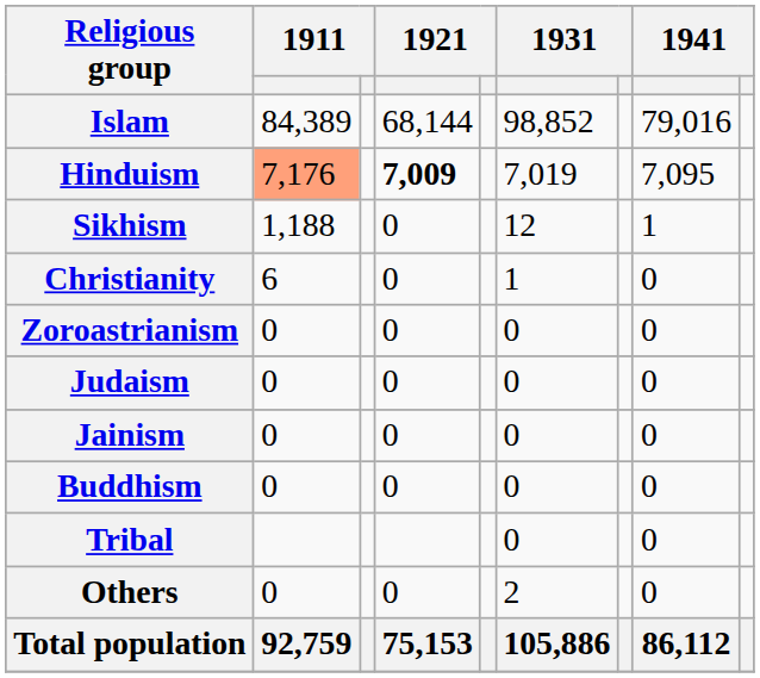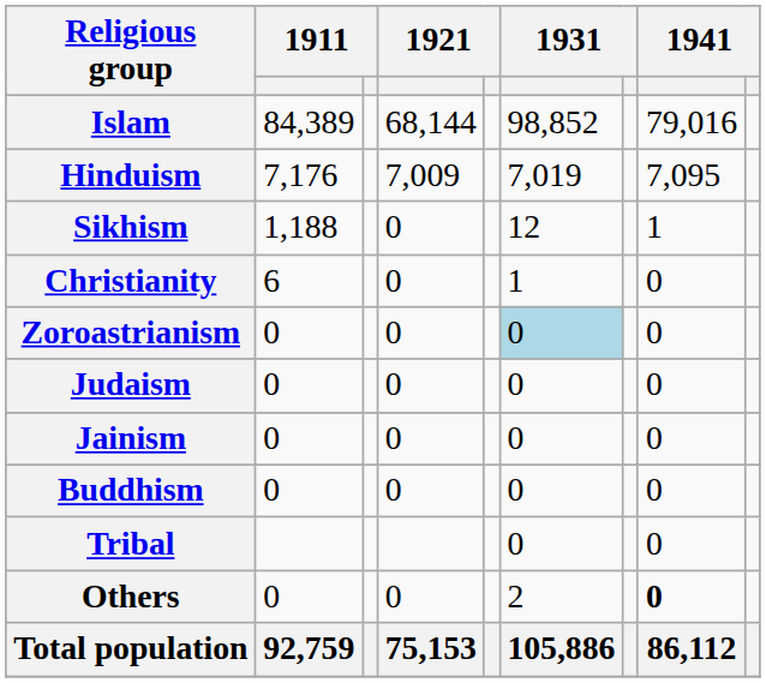 <table class="wikitable sortable">
 <tr>
 <th rowspan="2"><a href='#'>Religious</a><br>group</th>
 <th colspan="2">1911</th>
 <th colspan="2">1921</th>
 <th colspan="2">1931</th>
 <th colspan="2">1941</th>
 </tr>
 <tr>
 <th><a href='#'></a></th>
 <th></th>
 <th></th>
 <th></th>
 <th></th>
 <th></th>
 <th></th>
 <th></th>
 </tr>
 <tr>
 <th><a href='#'>Islam</a> </th>
 <td>84,389</td>
 <td></td>
 <td>68,144</td>
 <td></td>
 <td>98,852</td>
 <td></td>
 <td>79,016</td>
 <td></td>
 </tr>
 <tr>
 <th><a href='#'>Hinduism</a> </th>
-<td style="background: lightsalmon;">7,176</td>
+<td>7,176</td>
 <td></td>
-<td><strong>7,009</strong></td>
+<td>7,009</td>
 <td></td>
 <td>7,019</td>
 <td></td>
 <td>7,095</td>
 <td></td>
 </tr>
 <tr>
 <th><a href='#'>Sikhism</a> </th>
 <td>1,188</td>
 <td></td>
 <td>0</td>
 <td></td>
 <td>12</td>
 <td></td>
 <td>1</td>
 <td></td>
 </tr>
 <tr>
 <th><a href='#'>Christianity</a> </th>
 <td>6</td>
 <td></td>
 <td>0</td>
 <td></td>
 <td>1</td>
 <td></td>
 <td>0</td>
 <td></td>
 </tr>
 <tr>
 <th><a href='#'>Zoroastrianism</a> </th>
 <td>0</td>
 <td></td>
 <td>0</td>
 <td></td>
-<td>0</td>
+<td style="background: lightblue;">0</td>
 <td></td>
 <td>0</td>
 <td></td>
 </tr>
 <tr>
 <th><a href='#'>Judaism</a> </th>
 <td>0</td>
 <td></td>
 <td>0</td>
 <td></td>
 <td>0</td>
 <td></td>
 <td>0</td>
 <td></td>
 </tr>
 <tr>
 <th><a href='#'>Jainism</a> </th>
 <td>0</td>
 <td></td>
 <td>0</td>
 <td></td>
 <td>0</td>
 <td></td>
 <td>0</td>
 <td></td>
 </tr>
 <tr>
 <th><a href='#'>Buddhism</a> </th>
 <td>0</td>
 <td></td>
 <td>0</td>
 <td></td>
 <td>0</td>
 <td></td>
 <td>0</td>
 <td></td>
 </tr>
 <tr>
 <th><a href='#'>Tribal</a></th>
 <td></td>
 <td></td>
 <td></td>
 <td></td>
 <td>0</td>
 <td></td>
 <td>0</td>
 <td></td>
 </tr>
 <tr>
 <th>Others</th>
 <td>0</td>
 <td></td>
 <td>0</td>
 <td></td>
 <td>2</td>
 <td></td>
-<td>0</td>
+<td><strong>0</strong></td>
 <td></td>
 </tr>
 <tr>
 <th>Total population</th>
 <th>92,759</th>
 <th></th>
 <th>75,153</th>
 <th></th>
 <th>105,886</th>
 <th></th>
 <th>86,112</th>
 <th></th>
 </tr>
 <tr class="sortbottom">
 </tr>
 </table>
